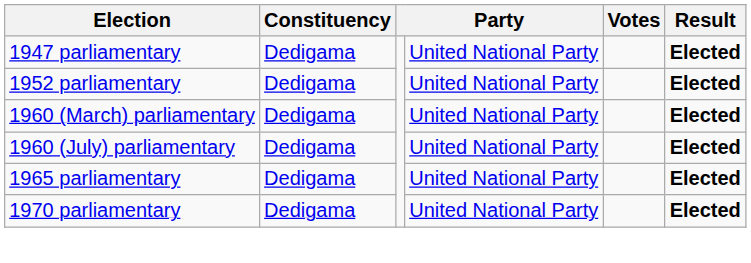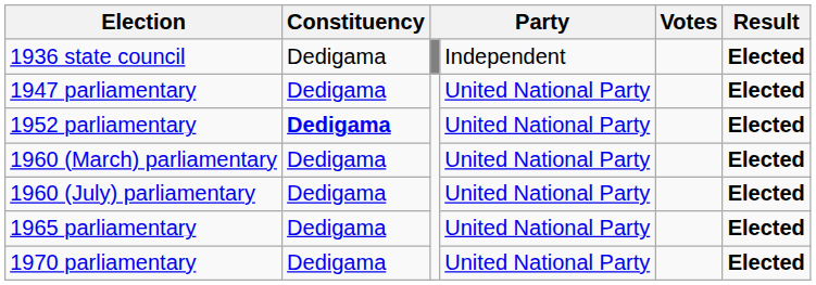 <table class="wikitable" style="text-align:left;">
 <tr>
 <th scope=col>Election</th>
 <th scope=col>Constituency</th>
 <th scope=col colspan="2">Party</th>
 <th scope=col>Votes</th>
 <th scope=col>Result</th>
+</tr>
+<tr>
+<td><a href='#'>1936 state council</a></td>
+<td>Dedigama</td>
+<td rowspan ="1" style="background:Gray;"></td>
+<td>Independent</td>
+<td></td>
+<td><strong>Elected</strong></td>
 </tr>
 <tr>
 <td><a href='#'>1947 parliamentary</a></td>
 <td><a href='#'>Dedigama</a></td>
 <td rowspan="6" style="background:"></td>
 <td><a href='#'>United National Party</a></td>
 <td align=right></td>
 <td><strong>Elected</strong></td>
 </tr>
 <tr>
 <td><a href='#'>1952 parliamentary</a></td>
-<td><a href='#'>Dedigama</a></td>
+<td><strong><a href='#'>Dedigama</a></strong></td>
 <td><a href='#'>United National Party</a></td>
 <td align=right></td>
 <td><strong>Elected</strong></td>
 </tr>
 <tr>
 <td><a href='#'>1960 (March) parliamentary</a></td>
 <td><a href='#'>Dedigama</a></td>
 <td><a href='#'>United National Party</a></td>
 <td align=right></td>
 <td><strong>Elected</strong></td>
 </tr>
 <tr>
 <td><a href='#'>1960 (July) parliamentary</a></td>
 <td><a href='#'>Dedigama</a></td>
 <td><a href='#'>United National Party</a></td>
 <td align=right></td>
 <td><strong>Elected</strong></td>
 </tr>
 <tr>
 <td><a href='#'>1965 parliamentary</a></td>
 <td><a href='#'>Dedigama</a></td>
 <td><a href='#'>United National Party</a></td>
 <td align=right></td>
 <td><strong>Elected</strong></td>
 </tr>
 <tr>
 <td><a href='#'>1970 parliamentary</a></td>
 <td><a href='#'>Dedigama</a></td>
 <td><a href='#'>United National Party</a></td>
 <td align=right></td>
 <td><strong>Elected</strong></td>
 </tr>
 </table>
